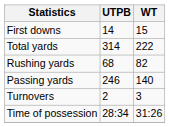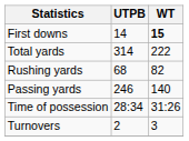 <table class="wikitable" style="float: left;">
 <tr>
 <th>Statistics</th>
 <th>UTPB</th>
 <th>WT</th>
 </tr>
 <tr>
 <td>First downs</td>
 <td>14</td>
-<td>15</td>
+<td><strong>15</strong></td>
 </tr>
 <tr>
 <td>Total yards</td>
 <td>314</td>
 <td>222</td>
 </tr>
 <tr>
 <td>Rushing yards</td>
 <td>68</td>
 <td>82</td>
 </tr>
 <tr>
 <td>Passing yards</td>
 <td>246</td>
 <td>140</td>
 </tr>
 <tr>
+<td>Time of possession</td>
+<td>28:34</td>
+<td>31:26</td>
+</tr>
+<tr>
 <td>Turnovers</td>
 <td>2</td>
 <td>3</td>
 </tr>
 <tr>
-<td>Time of possession</td>
-<td>28:34</td>
-<td>31:26</td>
-</tr>
-<tr>
 </tr>
 </table>
